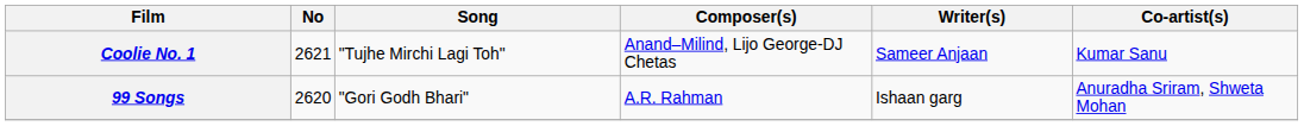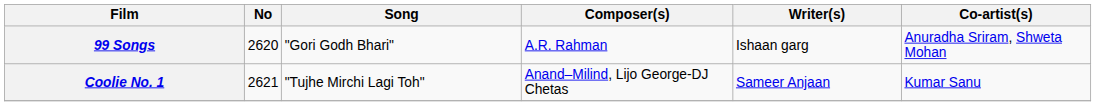 <table class="wikitable plainrowheaders" width="100%" textcolor:#000;">
 <tr style="background:#b0e0e66;">
 <th scope="col" width=23%><strong>Film</strong></th>
 <th><strong>No</strong></th>
 <th scope="col" width=23%><strong>Song</strong></th>
 <th scope="col" width=20%><strong>Composer(s)</strong></th>
 <th scope="col" width=16%><strong>Writer(s)</strong></th>
 <th scope="col" width=18%><strong>Co-artist(s)</strong></th>
 </tr>
 <tr>
+<th><em><a href='#'>99 Songs</a></em></th>
+<td>2620</td>
+<td>"Gori Godh Bhari"</td>
+<td><a href='#'>A.R. Rahman</a></td>
+<td>Ishaan garg</td>
+<td><a href='#'>Anuradha Sriram</a>, <a href='#'>Shweta Mohan</a></td>
+</tr>
+<tr>
 <th><em><a href='#'>Coolie No. 1</a></em></th>
 <td>2621</td>
 <td>"Tujhe Mirchi Lagi Toh"</td>
 <td><a href='#'>Anand–Milind</a>, Lijo George-DJ Chetas</td>
 <td><a href='#'>Sameer Anjaan</a></td>
 <td><a href='#'>Kumar Sanu</a></td>
 </tr>
 <tr>
-<th><em><a href='#'>99 Songs</a></em></th>
-<td>2620</td>
-<td>"Gori Godh Bhari"</td>
-<td><a href='#'>A.R. Rahman</a></td>
-<td>Ishaan garg</td>
-<td><a href='#'>Anuradha Sriram</a>, <a href='#'>Shweta Mohan</a></td>
-</tr>
-<tr>
 </tr>
 </table>
